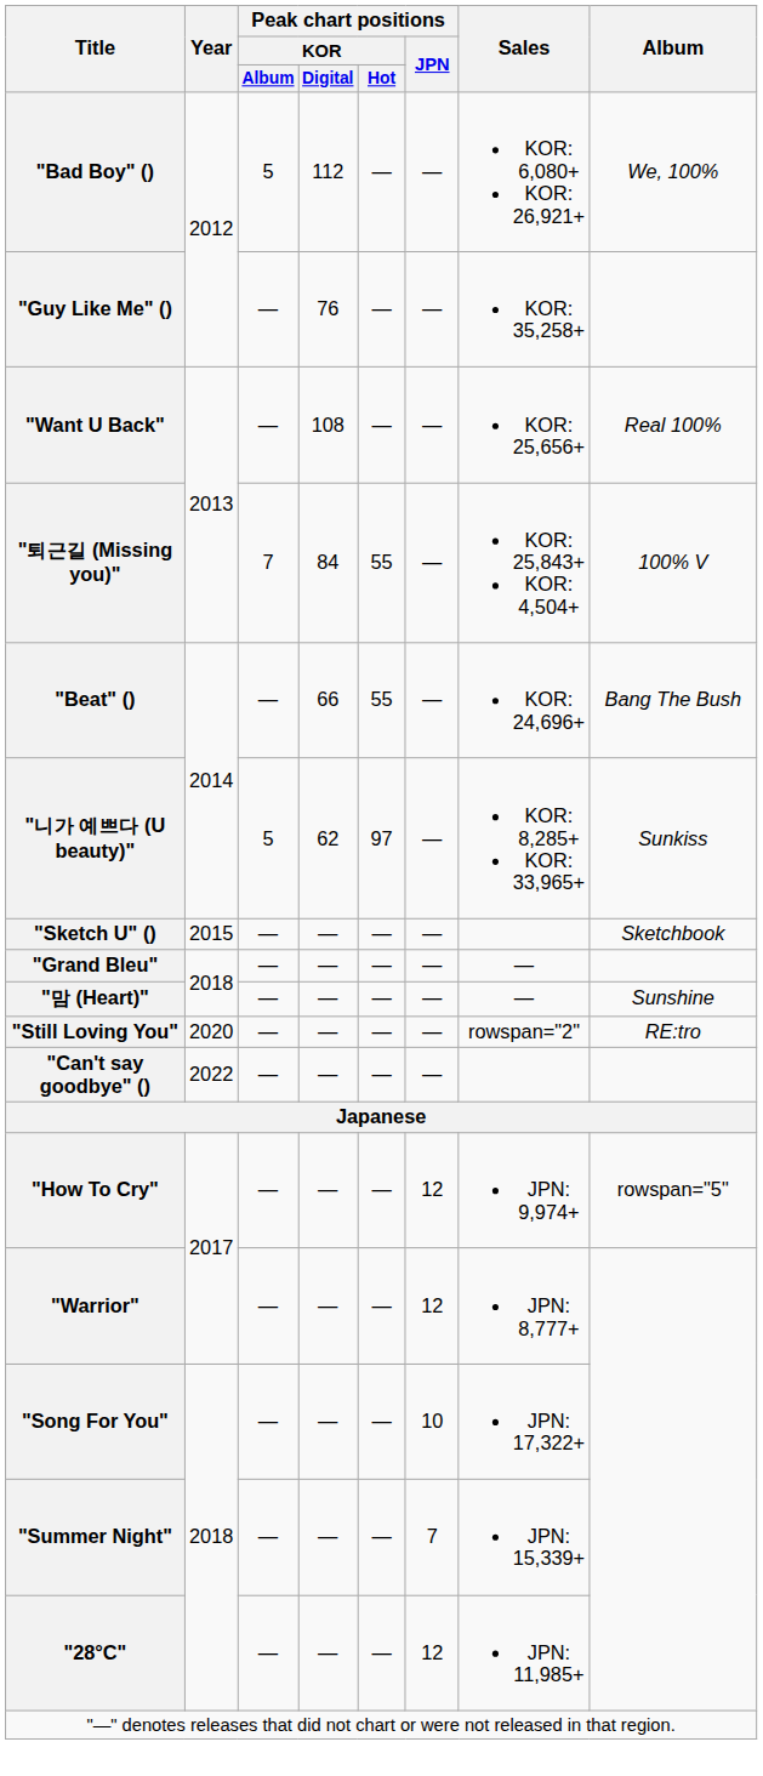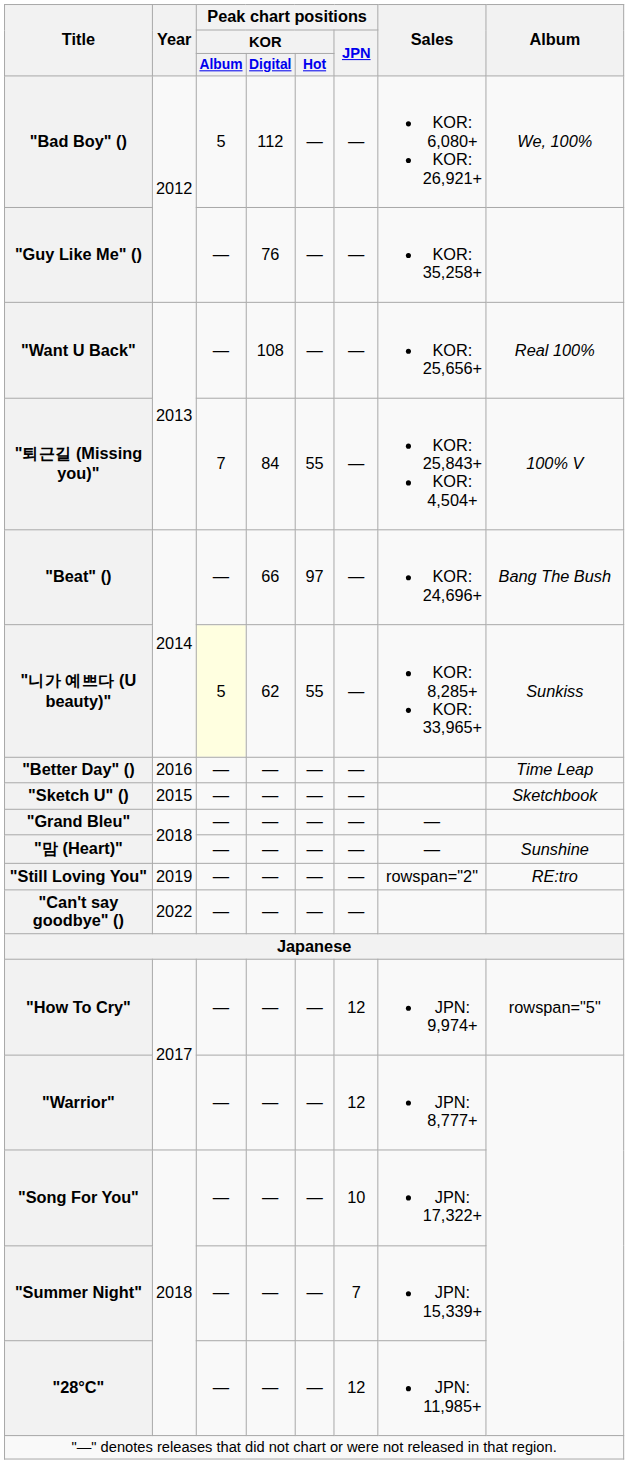 <table class="wikitable plainrowheaders" style="text-align:center">
 <tr>
 <th scope="col" rowspan="3" style="width:12em">Title</th>
 <th scope="col" rowspan="3">Year</th>
 <th scope="col" colspan="4">Peak chart positions</th>
 <th scope="col" rowspan="3">Sales</th>
 <th scope="col" rowspan="3" style="width:10em">Album</th>
 </tr>
 <tr>
 <th style="width:3em;font-size:90%" colspan="3">KOR</th>
 <th scope="col" style="width:3em;font-size:90%" rowspan="2"><a href='#'>JPN</a><br></th>
 </tr>
 <tr>
 <th style="width:3em;font-size:85%"><a href='#'>Album</a><br></th>
 <th style="width:3em;font-size:85%"><a href='#'>Digital</a><br></th>
 <th style="width:3em;font-size:85%"><a href='#'>Hot</a><br></th>
 </tr>
 <tr>
 <th scope="row">"Bad Boy" ()</th>
 <td rowspan="2">2012</td>
 <td>5</td>
 <td>112</td>
 <td>—</td>
 <td>—</td>
 <td><br><ul><li>KOR: 6,080+ </li><li>KOR: 26,921+ </li></ul></td>
 <td><em>We, 100%</em></td>
 </tr>
 <tr>
 <th scope="row">"Guy Like Me" ()</th>
 <td>—</td>
 <td>76</td>
 <td>—</td>
 <td>—</td>
 <td><br><ul><li>KOR: 35,258+ </li></ul></td>
 <td></td>
 </tr>
 <tr>
 <th scope="row">"Want U Back"</th>
 <td rowspan="2">2013</td>
 <td>—</td>
 <td>108</td>
 <td>—</td>
 <td>—</td>
 <td><br><ul><li>KOR: 25,656+ </li></ul></td>
 <td><em>Real 100%</em></td>
 </tr>
 <tr>
 <th scope="row">"퇴근길 (Missing you)"<br></th>
 <td>7</td>
 <td>84</td>
 <td>55</td>
 <td>—</td>
 <td><br><ul><li>KOR: 25,843+ </li><li>KOR: 4,504+ </li></ul></td>
 <td><em>100% V</em></td>
 </tr>
 <tr>
 <th scope="row">"Beat" ()</th>
 <td rowspan="2">2014</td>
 <td>—</td>
 <td>66</td>
-<td>55</td>
+<td>97</td>
 <td>—</td>
 <td><br><ul><li>KOR: 24,696+ </li></ul></td>
 <td><em>Bang The Bush</em></td>
 </tr>
 <tr>
 <th scope="row">"니가 예쁘다 (U beauty)"</th>
-<td>5</td>
+<td style="background: lightyellow;">5</td>
 <td>62</td>
-<td>97</td>
+<td>55</td>
 <td>—</td>
 <td><br><ul><li>KOR: 8,285+ </li><li>KOR: 33,965+ </li></ul></td>
 <td><em>Sunkiss</em></td>
+</tr>
+<tr>
+<th scope="row">"Better Day" ()</th>
+<td>2016</td>
+<td>—</td>
+<td>—</td>
+<td>—</td>
+<td>—</td>
+<td></td>
+<td><em>Time Leap</em></td>
 </tr>
 <tr>
 <th scope="row">"Sketch U" ()</th>
 <td>2015</td>
 <td>—</td>
 <td>—</td>
 <td>—</td>
 <td>—</td>
 <td></td>
 <td><em>Sketchbook</em></td>
 </tr>
 <tr>
 <th scope="row">"Grand Bleu"</th>
 <td rowspan="2">2018</td>
 <td>—</td>
 <td>—</td>
 <td>—</td>
 <td>—</td>
 <td>—</td>
 <td></td>
 </tr>
 <tr>
 <th scope="row">"맘 (Heart)"</th>
 <td>—</td>
 <td>—</td>
 <td>—</td>
 <td>—</td>
 <td>—</td>
 <td><em>Sunshine</em></td>
 </tr>
 <tr>
 <th scope="row">"Still Loving You"</th>
-<td>2020</td>
+<td>2019</td>
 <td>—</td>
 <td>—</td>
 <td>—</td>
 <td>—</td>
 <td>rowspan="2" </td>
 <td><em>RE:tro</em></td>
 </tr>
 <tr>
 <th scope="row">"Can't say goodbye" ()</th>
 <td>2022</td>
 <td>—</td>
 <td>—</td>
 <td>—</td>
 <td>—</td>
 <td></td>
 </tr>
 <tr>
 <th colspan="8">Japanese</th>
 </tr>
 <tr>
 <th scope="row">"How To Cry"</th>
 <td rowspan="2">2017</td>
 <td>—</td>
 <td>—</td>
 <td>—</td>
 <td>12</td>
 <td><br><ul><li>JPN: 9,974+</li></ul></td>
 <td>rowspan="5" </td>
 </tr>
 <tr>
 <th scope="row">"Warrior"</th>
 <td>—</td>
 <td>—</td>
 <td>—</td>
 <td>12</td>
 <td><br><ul><li>JPN: 8,777+</li></ul></td>
 </tr>
 <tr>
 <th scope="row">"Song For You"</th>
 <td rowspan="3">2018</td>
 <td>—</td>
 <td>—</td>
 <td>—</td>
 <td>10</td>
 <td><br><ul><li>JPN: 17,322+</li></ul></td>
 </tr>
 <tr>
 <th scope="row">"Summer Night"</th>
 <td>—</td>
 <td>—</td>
 <td>—</td>
 <td>7</td>
 <td><br><ul><li>JPN: 15,339+</li></ul></td>
 </tr>
 <tr>
 <th scope="row">"28°C"</th>
 <td>—</td>
 <td>—</td>
 <td>—</td>
 <td>12</td>
 <td><br><ul><li>JPN: 11,985+</li></ul></td>
 </tr>
 <tr>
 <td colspan="8" style="font-size:90%">"—" denotes releases that did not chart or were not released in that region.</td>
 </tr>
 </table>
